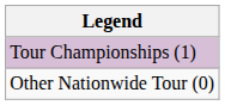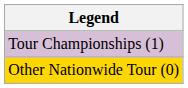 <table class="wikitable" style="font-size:95%;">
 <tr>
 <th>Legend</th>
 </tr>
 <tr style="background:thistle;">
 <td>Tour Championships (1)</td>
 </tr>
 <tr>
-<td>Other Nationwide Tour (0)</td>
+<td style="background: gold;">Other Nationwide Tour (0)</td>
 </tr>
 </table>
